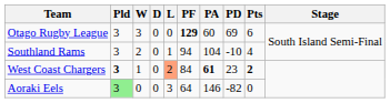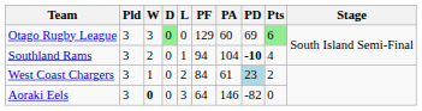 <table class="wikitable">
 <tr>
 <th>Team</th>
 <th>Pld</th>
 <th>W</th>
 <th>D</th>
 <th>L</th>
 <th>PF</th>
 <th>PA</th>
 <th>PD</th>
 <th>Pts</th>
 <th>Stage</th>
 </tr>
 <tr>
 <td> <a href='#'>Otago Rugby League</a></td>
 <td>3</td>
 <td>3</td>
+<td style="background: lightgreen;">0</td>
 <td>0</td>
-<td>0</td>
-<td><strong>129</strong></td>
+<td>129</td>
 <td>60</td>
 <td>69</td>
-<td>6</td>
+<td style="background: lightgreen;">6</td>
 <td rowspan="2">South Island Semi-Final</td>
 </tr>
 <tr>
 <td> <a href='#'>Southland Rams</a></td>
 <td>3</td>
 <td>2</td>
 <td>0</td>
 <td>1</td>
 <td>94</td>
 <td>104</td>
-<td>-10</td>
+<td><strong>-10</strong></td>
 <td>4</td>
 </tr>
 <tr>
 <td> <a href='#'>West Coast Chargers</a></td>
-<td><strong>3</strong></td>
+<td>3</td>
 <td>1</td>
 <td>0</td>
-<td style="background: lightsalmon;">2</td>
+<td>2</td>
 <td>84</td>
-<td><strong>61</strong></td>
-<td>23</td>
-<td><strong>2</strong></td>
+<td>61</td>
+<td style="background: lightblue;">23</td>
+<td>2</td>
 <td rowspan="2"></td>
 </tr>
 <tr>
 <td> <a href='#'>Aoraki Eels</a></td>
-<td style="background: lightgreen;">3</td>
-<td>0</td>
+<td>3</td>
+<td><strong>0</strong></td>
 <td>0</td>
 <td>3</td>
 <td>64</td>
 <td>146</td>
 <td>-82</td>
 <td>0</td>
 </tr>
 </table>
